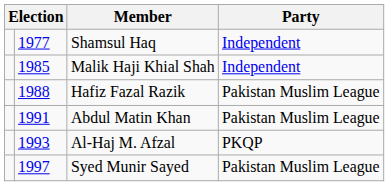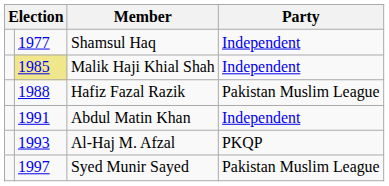 <table class="wikitable">
 <tr>
 <th colspan="2">Election</th>
 <th>Member</th>
 <th>Party</th>
 </tr>
 <tr>
 <td style="background-color: "></td>
 <td><a href='#'>1977</a></td>
 <td>Shamsul Haq</td>
 <td><a href='#'>Independent</a></td>
 </tr>
 <tr>
 <td style="background-color: "></td>
-<td><a href='#'>1985</a></td>
+<td style="background: khaki;"><a href='#'>1985</a></td>
 <td>Malik Haji Khial Shah</td>
 <td><a href='#'>Independent</a></td>
 </tr>
 <tr>
 <td style="background-color: "></td>
 <td><a href='#'>1988</a></td>
 <td>Hafiz Fazal Razik</td>
 <td>Pakistan Muslim League</td>
 </tr>
 <tr>
 <td style="background-color: "></td>
 <td><a href='#'>1991</a></td>
 <td>Abdul Matin Khan</td>
-<td>Pakistan Muslim League</td>
+<td><a href='#'>Independent</a></td>
 </tr>
 <tr>
 <td style="background-color: "></td>
 <td><a href='#'>1993</a></td>
 <td>Al-Haj M. Afzal</td>
 <td>PKQP</td>
 </tr>
 <tr>
 <td style="background-color: "></td>
 <td><a href='#'>1997</a></td>
 <td>Syed Munir Sayed</td>
 <td>Pakistan Muslim League</td>
 </tr>
 </table>
